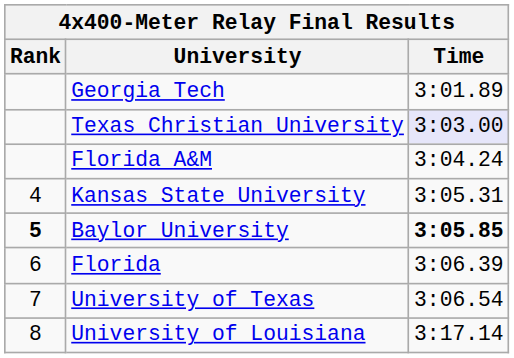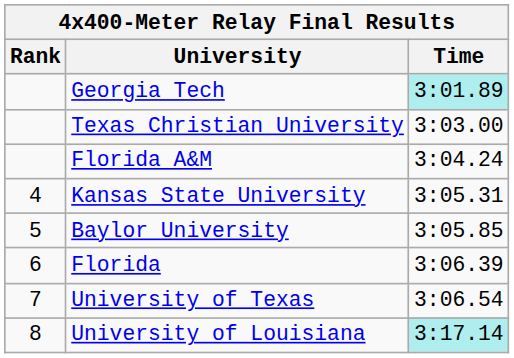 <table class="wikitable sortable" style="text-align:center">
 <tr>
 <th colspan="3">4x400-Meter Relay Final Results</th>
 </tr>
 <tr>
 <th>Rank</th>
 <th>University</th>
 <th>Time</th>
 </tr>
 <tr>
 <td></td>
 <td align=left><a href='#'>Georgia Tech</a></td>
-<td>3:01.89</td>
+<td style="background: paleturquoise;">3:01.89</td>
 </tr>
 <tr>
 <td></td>
 <td align=left><a href='#'>Texas Christian University</a></td>
-<td style="background: lavender;">3:03.00</td>
+<td>3:03.00</td>
 </tr>
 <tr>
 <td></td>
 <td align=left><a href='#'>Florida A&M</a></td>
 <td>3:04.24</td>
 </tr>
 <tr>
 <td>4</td>
 <td align=left><a href='#'>Kansas State University</a></td>
 <td>3:05.31</td>
 </tr>
 <tr>
-<td><strong>5</strong></td>
+<td>5</td>
 <td align=left><a href='#'>Baylor University</a></td>
-<td><strong>3:05.85</strong></td>
+<td>3:05.85</td>
 </tr>
 <tr>
 <td>6</td>
 <td align=left><a href='#'>Florida</a></td>
 <td>3:06.39</td>
 </tr>
 <tr>
 <td>7</td>
 <td align=left><a href='#'>University of Texas</a></td>
 <td>3:06.54</td>
 </tr>
 <tr>
 <td>8</td>
 <td align=left><a href='#'>University of Louisiana</a></td>
-<td>3:17.14</td>
+<td style="background: paleturquoise;">3:17.14</td>
 </tr>
 </table>
